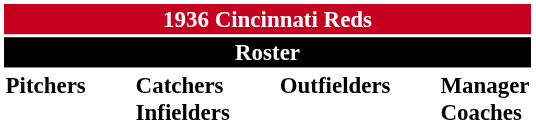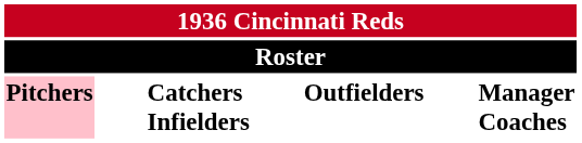 <table class="toccolours" style="font-size: 95%;">
 <tr>
 <th colspan="10" style="background-color: #c6011f; color: white; text-align: center;">1936 Cincinnati Reds</th>
 </tr>
 <tr>
 <td colspan="10" style="background-color: black; color: white; text-align: center;"><strong>Roster</strong></td>
 </tr>
 <tr>
-<td valign="top"><strong>Pitchers</strong><br>               </td>
+<td valign="top" style="background: pink;"><strong>Pitchers</strong><br>               </td>
 <td width="25px"></td>
 <td valign="top"><strong>Catchers</strong><br>  <strong>Infielders</strong>         </td>
 <td width="25px"></td>
 <td valign="top"><strong>Outfielders</strong><br>     </td>
 <td width="25px"></td>
 <td valign="top"><strong>Manager</strong><br> <strong>Coaches</strong>   </td>
 </tr>
 </table>
